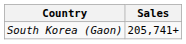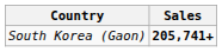 <table class="wikitable">
 <tr>
 <th>Country</th>
 <th>Sales</th>
 </tr>
 <tr>
 <td><em>South Korea (Gaon)</em></td>
-<td style="text-align:center;">205,741+ </td>
+<td style="text-align:center;"><strong>205,741+ </strong></td>
 </tr>
 </table>
